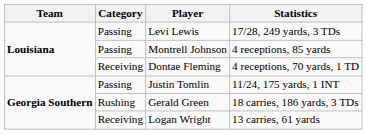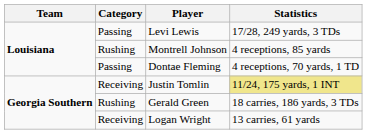 <table class="wikitable" style="float: left;">
 <tr>
 <th>Team</th>
 <th>Category</th>
 <th>Player</th>
 <th>Statistics</th>
 </tr>
 <tr>
 <td rowspan=3><strong>Louisiana</strong></td>
 <td>Passing</td>
 <td>Levi Lewis</td>
 <td>17/28, 249 yards, 3 TDs</td>
 </tr>
 <tr>
-<td>Passing</td>
+<td>Rushing</td>
 <td>Montrell Johnson</td>
 <td>4 receptions, 85 yards</td>
 </tr>
 <tr>
-<td>Receiving</td>
+<td>Passing</td>
 <td>Dontae Fleming</td>
 <td>4 receptions, 70 yards, 1 TD</td>
 </tr>
 <tr>
 <td rowspan=3><strong>Georgia Southern</strong></td>
-<td>Passing</td>
+<td>Receiving</td>
 <td>Justin Tomlin</td>
-<td>11/24, 175 yards, 1 INT</td>
+<td style="background: khaki;">11/24, 175 yards, 1 INT</td>
 </tr>
 <tr>
 <td>Rushing</td>
 <td>Gerald Green</td>
 <td>18 carries, 186 yards, 3 TDs</td>
 </tr>
 <tr>
 <td>Receiving</td>
 <td>Logan Wright</td>
 <td>13 carries, 61 yards</td>
 </tr>
 </table>
